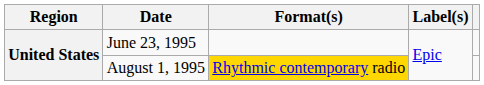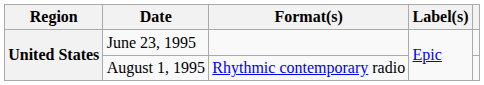 <table class="wikitable plainrowheaders">
 <tr>
 <th scope="col">Region</th>
 <th scope="col">Date</th>
 <th scope="col">Format(s)</th>
 <th scope="col">Label(s)</th>
 <th scope="col"></th>
 </tr>
 <tr>
 <th scope="row" rowspan="2">United States</th>
 <td>June 23, 1995</td>
 <td></td>
 <td rowspan="2"><a href='#'>Epic</a></td>
 <td></td>
 </tr>
 <tr>
 <td>August 1, 1995</td>
-<td style="background: gold;"><a href='#'>Rhythmic contemporary</a> radio</td>
+<td><a href='#'>Rhythmic contemporary</a> radio</td>
 <td></td>
 </tr>
 </table>
